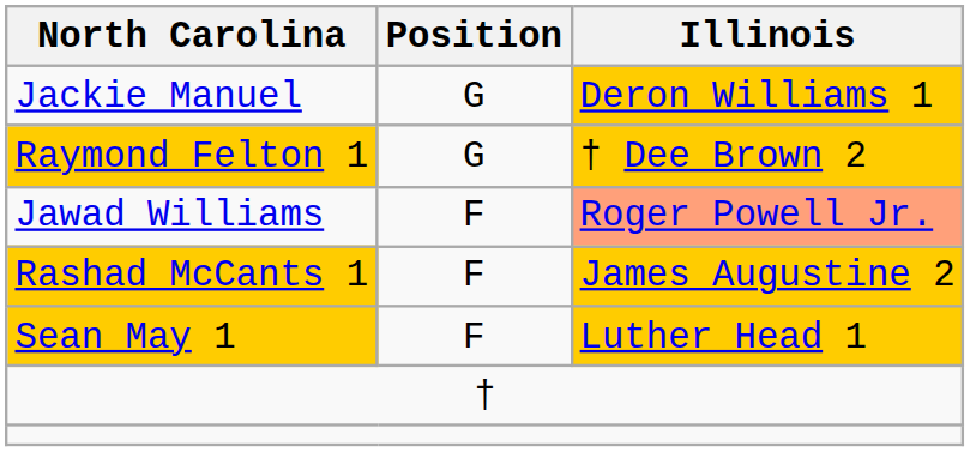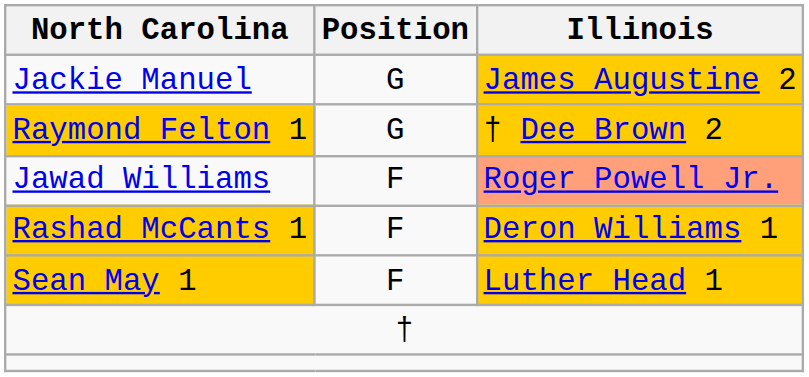 <table class="wikitable">
 <tr>
 <th>North Carolina</th>
 <th colspan="2">Position</th>
 <th>Illinois</th>
 </tr>
 <tr>
 <td><a href='#'>Jackie Manuel</a></td>
 <td colspan=2 style="text-align:center">G</td>
-<td style="background:#ffcc00"><a href='#'>Deron Williams</a> 1</td>
+<td style="background:#ffcc00"><a href='#'>James Augustine</a> 2</td>
 </tr>
 <tr>
 <td style="background:#ffcc00"><a href='#'>Raymond Felton</a> 1</td>
 <td colspan=2 style="text-align:center">G</td>
 <td style="background:#ffcc00">† <a href='#'>Dee Brown</a> 2</td>
 </tr>
 <tr>
 <td><a href='#'>Jawad Williams</a></td>
 <td colspan=2 style="text-align:center">F</td>
 <td style="background: lightsalmon;"><a href='#'>Roger Powell Jr.</a></td>
 </tr>
 <tr>
 <td style="background:#ffcc00"><a href='#'>Rashad McCants</a> 1</td>
 <td colspan=2 style="text-align:center">F</td>
-<td style="background:#ffcc00"><a href='#'>James Augustine</a> 2</td>
+<td style="background:#ffcc00"><a href='#'>Deron Williams</a> 1</td>
 </tr>
 <tr>
 <td style="background:#ffcc00"><a href='#'>Sean May</a> 1</td>
 <td colspan=2 style="text-align:center">F</td>
 <td style="background:#ffcc00"><a href='#'>Luther Head</a> 1</td>
 </tr>
 <tr>
 <td colspan="5" align=center>† </td>
 </tr>
 <tr>
 <td colspan="5" align=center></td>
 </tr>
 </table>
